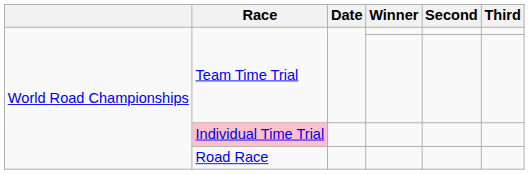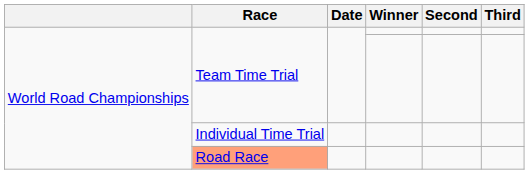 <table class="wikitable sortable">
 <tr>
 <th></th>
 <th>Race</th>
 <th>Date</th>
 <th>Winner</th>
 <th>Second</th>
 <th>Third</th>
 </tr>
 <tr>
 <td rowspan=4><a href='#'>World Road Championships</a></td>
 <td rowspan=2><a href='#'>Team Time Trial</a></td>
 <td rowspan=2></td>
 <td> </td>
 <td> </td>
 <td> </td>
 </tr>
 <tr>
 <td><br><br><br><br><br></td>
 <td><br><br><br><br><br></td>
 <td><br><br><br><br><br></td>
 </tr>
 <tr>
-<td style="background: pink;"><a href='#'>Individual Time Trial</a></td>
+<td><a href='#'>Individual Time Trial</a></td>
 <td></td>
 <td></td>
 <td></td>
 <td></td>
 </tr>
 <tr>
-<td><a href='#'>Road Race</a></td>
+<td style="background: lightsalmon;"><a href='#'>Road Race</a></td>
 <td></td>
 <td></td>
 <td></td>
 <td></td>
 </tr>
 </table>
